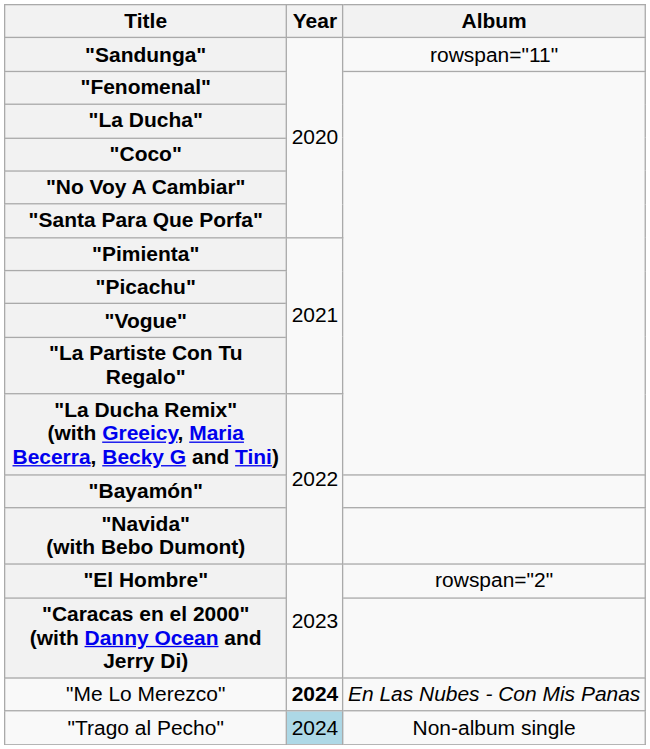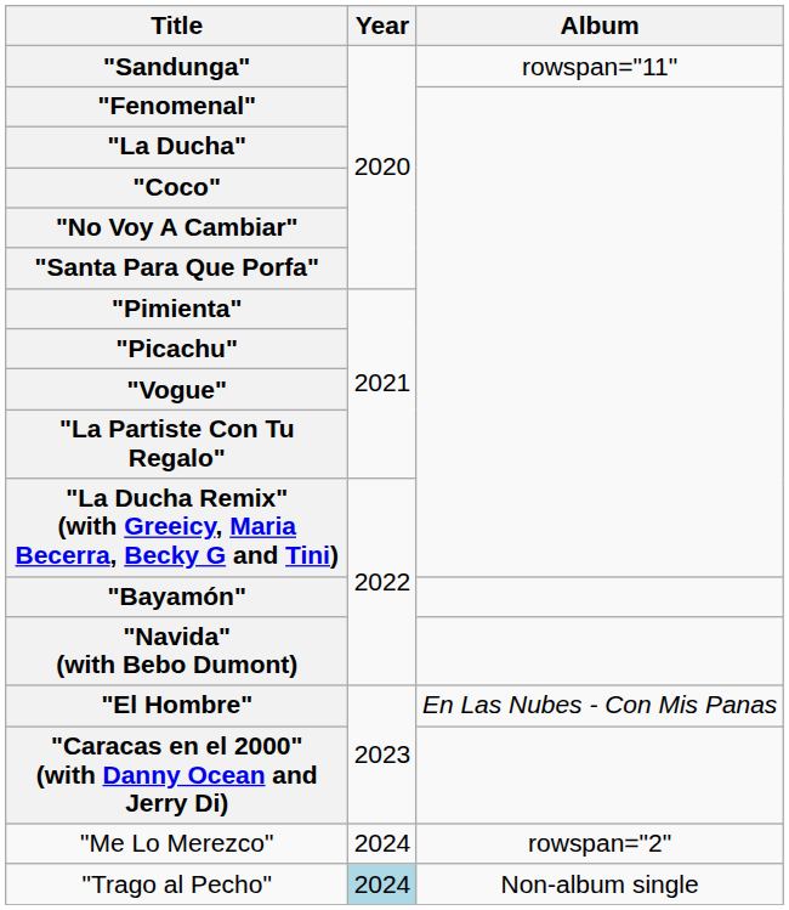 <table class="wikitable plainrowheaders" style="text-align:center;">
 <tr>
 <th scope="col" rowspan="1" style="width:13em;">Title</th>
 <th scope="col" rowspan="1">Year</th>
 <th scope="col" rowspan="1">Album</th>
 </tr>
 <tr>
 <th scope="row">"Sandunga"</th>
 <td rowspan="6">2020</td>
 <td>rowspan="11" </td>
 </tr>
 <tr>
 <th scope="row">"Fenomenal"</th>
 </tr>
 <tr>
 <th scope="row">"La Ducha"</th>
 </tr>
 <tr>
 <th scope="row">"Coco"</th>
 </tr>
 <tr>
 <th scope="row">"No Voy A Cambiar"</th>
 </tr>
 <tr>
 <th scope="row">"Santa Para Que Porfa"</th>
 </tr>
 <tr>
 <th scope="row">"Pimienta"</th>
 <td rowspan="4">2021</td>
 </tr>
 <tr>
 <th scope="row">"Picachu"</th>
 </tr>
 <tr>
 <th scope="row">"Vogue"</th>
 </tr>
 <tr>
 <th scope="row">"La Partiste Con Tu Regalo"</th>
 </tr>
 <tr>
 <th scope="row">"La Ducha Remix" <br><span>(with <a href='#'>Greeicy</a>, <a href='#'>Maria Becerra</a>, <a href='#'>Becky G</a> and <a href='#'>Tini</a>)</span></th>
 <td rowspan="3">2022</td>
 </tr>
 <tr>
 <th scope="row">"Bayamón"</th>
 <td></td>
 </tr>
 <tr>
 <th scope="row">"Navida" <br><span>(with Bebo Dumont)</span></th>
 <td></td>
 </tr>
 <tr>
 <th scope="row">"El Hombre"</th>
 <td rowspan="2">2023</td>
-<td>rowspan="2" </td>
+<td><em>En Las Nubes - Con Mis Panas</em></td>
 </tr>
 <tr>
 <th scope="row">"Caracas en el 2000" <br><span>(with <a href='#'>Danny Ocean</a> and Jerry Di)</span></th>
 </tr>
 <tr>
 <td>"Me Lo Merezco"</td>
-<td><strong>2024</strong></td>
-<td><em>En Las Nubes - Con Mis Panas</em></td>
+<td>2024</td>
+<td>rowspan="2" </td>
 </tr>
 <tr>
 <td>"Trago al Pecho"</td>
 <td style="background: lightblue;">2024</td>
 <td>Non-album single</td>
 </tr>
 </table>
